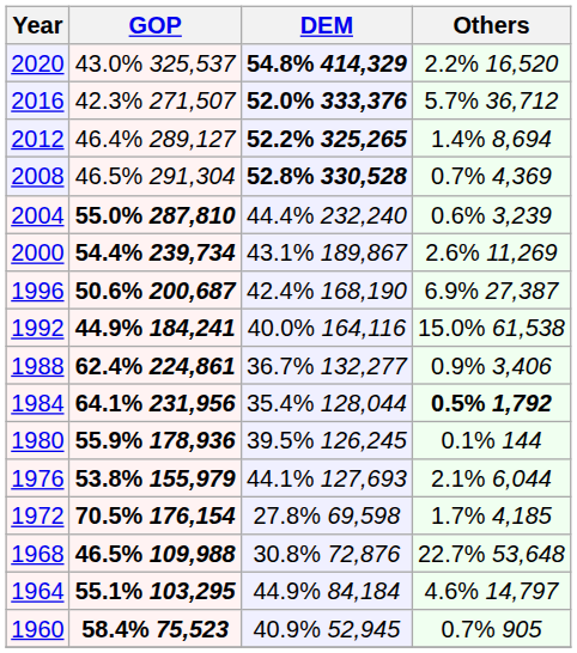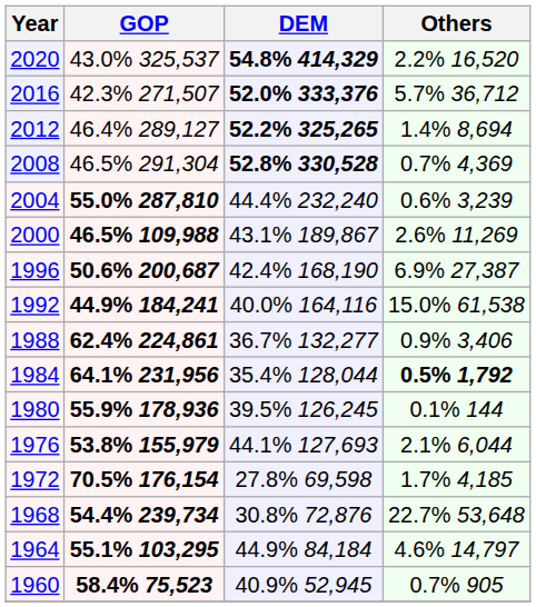 <table class="wikitable" align="right" style="margin: 1em 1em 1em 1em; font-size: 95%;">
 <tr>
 <th>Year</th>
 <th><a href='#'>GOP</a></th>
 <th><a href='#'>DEM</a></th>
 <th>Others</th>
 </tr>
 <tr>
 <td align="center" bgcolor="#f0f0ff"><a href='#'>2020</a></td>
 <td align="center" bgcolor="#fff3f3">43.0% <em>325,537</em></td>
 <td align="center" bgcolor="#f0f0ff"><strong>54.8% <em>414,329</em> </strong></td>
 <td align="center" bgcolor="#f0fff0">2.2% <em>16,520</em></td>
 </tr>
 <tr>
 <td align="center" bgcolor="#f0f0ff"><a href='#'>2016</a></td>
 <td align="center" bgcolor="#fff3f3">42.3% <em>271,507</em></td>
 <td align="center" bgcolor="#f0f0ff"><strong>52.0% <em>333,376</em> </strong></td>
 <td align="center" bgcolor="#f0fff0">5.7% <em>36,712</em></td>
 </tr>
 <tr>
 <td align="center" bgcolor="#f0f0ff"><a href='#'>2012</a></td>
 <td align="center" bgcolor="#fff3f3">46.4% <em>289,127</em></td>
 <td align="center" bgcolor="#f0f0ff"><strong>52.2% <em>325,265</em> </strong></td>
 <td align="center" bgcolor="#f0fff0">1.4% <em>8,694</em></td>
 </tr>
 <tr>
 <td align="center" bgcolor="#f0f0ff"><a href='#'>2008</a></td>
 <td align="center" bgcolor="#fff3f3">46.5% <em>291,304</em></td>
 <td align="center" bgcolor="#f0f0ff"><strong>52.8% <em>330,528</em> </strong></td>
 <td align="center" bgcolor="#f0fff0">0.7% <em>4,369</em></td>
 </tr>
 <tr>
 <td align="center" bgcolor="#fff3f3"><a href='#'>2004</a></td>
 <td align="center" bgcolor="#fff3f3"><strong>55.0% <em>287,810</em> </strong></td>
 <td align="center" bgcolor="#f0f0ff">44.4% <em>232,240</em></td>
 <td align="center" bgcolor="#f0fff0">0.6% <em>3,239</em></td>
 </tr>
 <tr>
 <td align="center" bgcolor="#fff3f3"><a href='#'>2000</a></td>
-<td align="center" bgcolor="#fff3f3"><strong>54.4% <em>239,734</em> </strong></td>
+<td align="center" bgcolor="#fff3f3"><strong>46.5% <em>109,988</em> </strong></td>
 <td align="center" bgcolor="#f0f0ff">43.1% <em>189,867</em></td>
 <td align="center" bgcolor="#f0fff0">2.6% <em>11,269</em></td>
 </tr>
 <tr>
 <td align="center" bgcolor="#fff3f3"><a href='#'>1996</a></td>
 <td align="center" bgcolor="#fff3f3"><strong>50.6% <em>200,687</em> </strong></td>
 <td align="center" bgcolor="#f0f0ff">42.4% <em>168,190</em></td>
 <td align="center" bgcolor="#f0fff0">6.9% <em>27,387</em></td>
 </tr>
 <tr>
 <td align="center" bgcolor="#fff3f3"><a href='#'>1992</a></td>
 <td align="center" bgcolor="#fff3f3"><strong>44.9% <em>184,241</em> </strong></td>
 <td align="center" bgcolor="#f0f0ff">40.0% <em>164,116</em></td>
 <td align="center" bgcolor="#f0fff0">15.0% <em>61,538</em></td>
 </tr>
 <tr>
 <td align="center" bgcolor="#fff3f3"><a href='#'>1988</a></td>
 <td align="center" bgcolor="#fff3f3"><strong>62.4% <em>224,861</em> </strong></td>
 <td align="center" bgcolor="#f0f0ff">36.7% <em>132,277</em></td>
 <td align="center" bgcolor="#f0fff0">0.9% <em>3,406</em></td>
 </tr>
 <tr>
 <td align="center" bgcolor="#fff3f3"><a href='#'>1984</a></td>
 <td align="center" bgcolor="#fff3f3"><strong>64.1% <em>231,956</em> </strong></td>
 <td align="center" bgcolor="#f0f0ff">35.4% <em>128,044</em></td>
 <td align="center" bgcolor="#f0fff0"><strong>0.5% <em>1,792</em></strong></td>
 </tr>
 <tr>
 <td align="center" bgcolor="#fff3f3"><a href='#'>1980</a></td>
 <td align="center" bgcolor="#fff3f3"><strong>55.9% <em>178,936</em> </strong></td>
 <td align="center" bgcolor="#f0f0ff">39.5% <em>126,245</em></td>
 <td align="center" bgcolor="#f0fff0">0.1% <em>144</em></td>
 </tr>
 <tr>
 <td align="center" bgcolor="#fff3f3"><a href='#'>1976</a></td>
 <td align="center" bgcolor="#fff3f3"><strong>53.8% <em>155,979</em> </strong></td>
 <td align="center" bgcolor="#f0f0ff">44.1% <em>127,693</em></td>
 <td align="center" bgcolor="#f0fff0">2.1% <em>6,044</em></td>
 </tr>
 <tr>
 <td align="center" bgcolor="#fff3f3"><a href='#'>1972</a></td>
 <td align="center" bgcolor="#fff3f3"><strong>70.5% <em>176,154</em> </strong></td>
 <td align="center" bgcolor="#f0f0ff">27.8% <em>69,598</em></td>
 <td align="center" bgcolor="#f0fff0">1.7% <em>4,185</em></td>
 </tr>
 <tr>
 <td align="center" bgcolor="#fff3f3"><a href='#'>1968</a></td>
-<td align="center" bgcolor="#fff3f3"><strong>46.5% <em>109,988</em> </strong></td>
+<td align="center" bgcolor="#fff3f3"><strong>54.4% <em>239,734</em> </strong></td>
 <td align="center" bgcolor="#f0f0ff">30.8% <em>72,876</em></td>
 <td align="center" bgcolor="#f0fff0">22.7% <em>53,648</em></td>
 </tr>
 <tr>
 <td align="center" bgcolor="#fff3f3"><a href='#'>1964</a></td>
 <td align="center" bgcolor="#fff3f3"><strong>55.1% <em>103,295</em> </strong></td>
 <td align="center" bgcolor="#f0f0ff">44.9% <em>84,184</em></td>
 <td align="center" bgcolor="#f0fff0">4.6% <em>14,797</em></td>
 </tr>
 <tr>
 <td align="center" bgcolor="#fff3f3"><a href='#'>1960</a></td>
 <td align="center" bgcolor="#fff3f3"><strong>58.4% <em>75,523</em> </strong></td>
 <td align="center" bgcolor="#f0f0ff">40.9% <em>52,945</em></td>
 <td align="center" bgcolor="#f0fff0">0.7% <em>905</em></td>
 </tr>
 <tr>
 </tr>
 </table>
